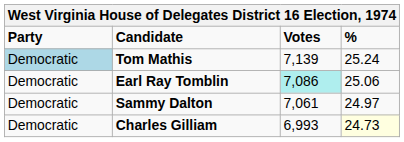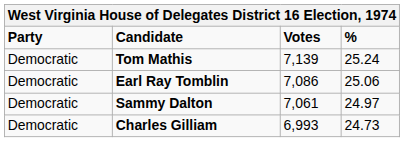 <table class="wikitable">
 <tr>
 <th colspan="4">West Virginia House of Delegates District 16 Election, 1974</th>
 </tr>
 <tr>
 <td><strong>Party</strong></td>
 <td><strong>Candidate</strong></td>
 <td><strong>Votes</strong></td>
 <td><strong>%</strong></td>
 </tr>
 <tr>
-<td style="background: lightblue;">Democratic</td>
+<td>Democratic</td>
 <td><strong>Tom Mathis</strong></td>
 <td>7,139</td>
 <td>25.24</td>
 </tr>
 <tr>
 <td>Democratic</td>
 <td><strong>Earl Ray Tomblin</strong></td>
-<td style="background: paleturquoise;">7,086</td>
+<td>7,086</td>
 <td>25.06</td>
 </tr>
 <tr>
 <td>Democratic</td>
 <td><strong>Sammy Dalton</strong></td>
 <td>7,061</td>
 <td>24.97</td>
 </tr>
 <tr>
 <td>Democratic</td>
 <td><strong>Charles Gilliam</strong></td>
 <td>6,993</td>
-<td style="background: lightyellow;">24.73</td>
+<td>24.73</td>
 </tr>
 </table>
